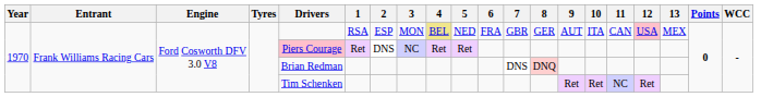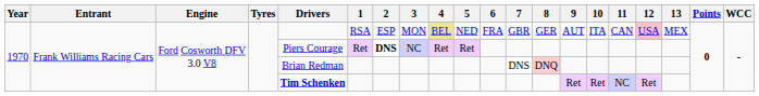 <table class="wikitable" style="text-align:center; font-size:95%">
 <tr>
 <th>Year</th>
 <th>Entrant</th>
 <th>Engine</th>
 <th>Tyres</th>
 <th>Drivers</th>
 <th>1</th>
 <th>2</th>
 <th>3</th>
 <th>4</th>
 <th>5</th>
 <th>6</th>
 <th>7</th>
 <th>8</th>
 <th>9</th>
 <th>10</th>
 <th>11</th>
 <th>12</th>
 <th>13</th>
 <th><a href='#'>Points</a></th>
 <th>WCC</th>
 </tr>
 <tr>
 <td rowspan="4"><a href='#'>1970</a></td>
 <td rowspan="4"><a href='#'>Frank Williams Racing Cars</a></td>
 <td rowspan="4"><a href='#'>Ford</a> <a href='#'>Cosworth DFV</a> <br>3.0 <a href='#'>V8</a></td>
 <td rowspan="4"></td>
 <td></td>
 <td><a href='#'>RSA</a></td>
 <td><a href='#'>ESP</a></td>
 <td><a href='#'>MON</a></td>
 <td style="background: khaki;"><a href='#'>BEL</a></td>
 <td><a href='#'>NED</a></td>
 <td><a href='#'>FRA</a></td>
 <td><a href='#'>GBR</a></td>
 <td><a href='#'>GER</a></td>
 <td><a href='#'>AUT</a></td>
 <td><a href='#'>ITA</a></td>
 <td><a href='#'>CAN</a></td>
 <td style="background: pink;"><a href='#'>USA</a></td>
 <td><a href='#'>MEX</a></td>
 <td rowspan="4"><strong>0</strong></td>
 <td rowspan="4"><strong>-</strong></td>
 </tr>
 <tr>
-<td style="background: pink;"><a href='#'>Piers Courage</a></td>
+<td><a href='#'>Piers Courage</a></td>
 <td style="background:#efcfff;">Ret</td>
-<td style="background:#fff;">DNS</td>
+<td style="background:#fff;"><strong>DNS</strong></td>
 <td style="background:#cfcfff;">NC</td>
 <td style="background:#efcfff;">Ret</td>
 <td style="background:#efcfff;">Ret</td>
 <td></td>
 <td></td>
 <td></td>
 <td></td>
 <td></td>
 <td></td>
 <td></td>
 <td></td>
 </tr>
 <tr>
 <td><a href='#'>Brian Redman</a></td>
 <td></td>
 <td></td>
 <td></td>
 <td></td>
 <td></td>
 <td></td>
 <td style="background:#fff;">DNS</td>
 <td style="background:#ffcfcf;">DNQ</td>
 <td></td>
 <td></td>
 <td></td>
 <td></td>
 <td></td>
 </tr>
 <tr>
-<td><a href='#'>Tim Schenken</a></td>
+<td><strong><a href='#'>Tim Schenken</a></strong></td>
 <td></td>
 <td></td>
 <td></td>
 <td></td>
 <td></td>
 <td></td>
 <td></td>
 <td></td>
 <td style="background:#efcfff;">Ret</td>
 <td style="background:#efcfff;">Ret</td>
 <td style="background:#cfcfff;">NC</td>
 <td style="background:#efcfff;">Ret</td>
 <td></td>
 </tr>
 </table>
